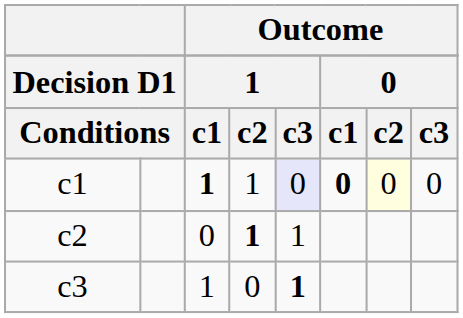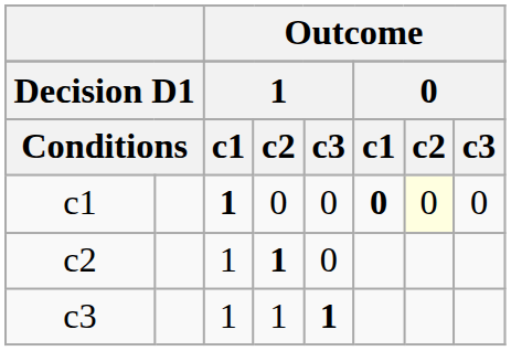 <table class="wikitable floatright" style="text-align: center">
 <tr>
 <th colspan="2"></th>
 <th colspan="6">Outcome</th>
 </tr>
 <tr>
 </tr>
 <tr>
 <th colspan="2">Decision D1</th>
 <th colspan="3">1</th>
 <th colspan="3">0</th>
 </tr>
 <tr>
 <th colspan="2">Conditions</th>
 <th>c1</th>
 <th>c2</th>
 <th>c3</th>
 <th>c1</th>
 <th>c2</th>
 <th>c3</th>
 </tr>
 <tr>
 <td>c1</td>
 <td></td>
 <td><strong>1</strong></td>
-<td>1</td>
-<td style="background: lavender;">0</td>
+<td>0</td>
+<td>0</td>
 <td><strong>0</strong></td>
 <td style="background: lightyellow;">0</td>
 <td>0</td>
 </tr>
 <tr>
 <td>c2</td>
 <td></td>
+<td>1</td>
+<td><strong>1</strong></td>
 <td>0</td>
-<td><strong>1</strong></td>
-<td>1</td>
 <td></td>
 <td></td>
 <td></td>
 </tr>
 <tr>
 <td>c3</td>
 <td></td>
 <td>1</td>
-<td>0</td>
+<td>1</td>
 <td><strong>1</strong></td>
 <td></td>
 <td></td>
 <td></td>
 </tr>
 </table>
